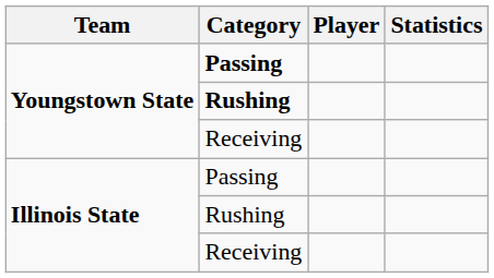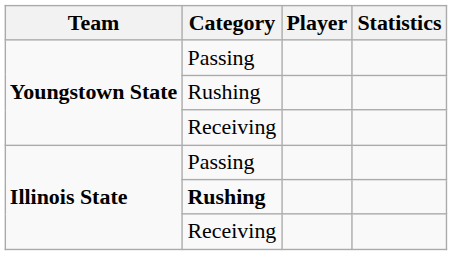 <table class="wikitable" style="float: right;">
 <tr>
 <th>Team</th>
 <th>Category</th>
 <th>Player</th>
 <th>Statistics</th>
 </tr>
 <tr>
 <td rowspan=3><strong>Youngstown State</strong></td>
-<td><strong>Passing</strong></td>
+<td>Passing</td>
 <td></td>
 <td></td>
 </tr>
 <tr>
-<td><strong>Rushing</strong></td>
+<td>Rushing</td>
 <td></td>
 <td></td>
 </tr>
 <tr>
 <td>Receiving</td>
 <td></td>
 <td></td>
 </tr>
 <tr>
 <td rowspan=3><strong>Illinois State</strong></td>
 <td>Passing</td>
 <td></td>
 <td></td>
 </tr>
 <tr>
-<td>Rushing</td>
+<td><strong>Rushing</strong></td>
 <td></td>
 <td></td>
 </tr>
 <tr>
 <td>Receiving</td>
 <td></td>
 <td></td>
 </tr>
 </table>
